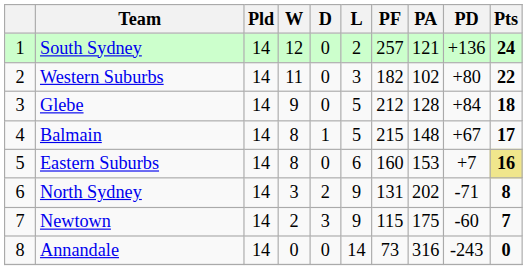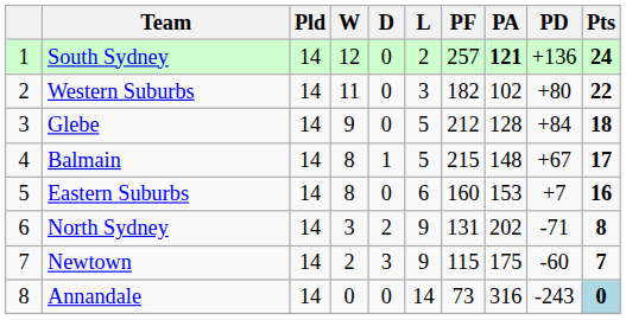 <table class="wikitable" style="text-align:center;">
 <tr>
 <th width=20 abbr="Position×"></th>
 <th width=175>Team</th>
 <th width=20 abbr="Played">Pld</th>
 <th width=20 abbr="Won">W</th>
 <th width=20 abbr="Drawn">D</th>
 <th width=20 abbr="Lost">L</th>
 <th width=20 abbr="Points for">PF</th>
 <th width=20 abbr="Points against">PA</th>
 <th width=20 abbr="Points difference">PD</th>
 <th width=20 abbr="Points">Pts</th>
 </tr>
 <tr style="background: #ccffcc;">
 <td>1</td>
 <td style="text-align:left;"> <a href='#'>South Sydney</a></td>
 <td>14</td>
 <td>12</td>
 <td>0</td>
 <td>2</td>
 <td>257</td>
-<td>121</td>
+<td><strong>121</strong></td>
 <td>+136</td>
 <td><strong>24</strong></td>
 </tr>
 <tr>
 <td>2</td>
 <td style="text-align:left;"> <a href='#'>Western Suburbs</a></td>
 <td>14</td>
 <td>11</td>
 <td>0</td>
 <td>3</td>
 <td>182</td>
 <td>102</td>
 <td>+80</td>
 <td><strong>22</strong></td>
 </tr>
 <tr>
 <td>3</td>
 <td style="text-align:left;"> <a href='#'>Glebe</a></td>
 <td>14</td>
 <td>9</td>
 <td>0</td>
 <td>5</td>
 <td>212</td>
 <td>128</td>
 <td>+84</td>
 <td><strong>18</strong></td>
 </tr>
 <tr>
 <td>4</td>
 <td style="text-align:left;"> <a href='#'>Balmain</a></td>
 <td>14</td>
 <td>8</td>
 <td>1</td>
 <td>5</td>
 <td>215</td>
 <td>148</td>
 <td>+67</td>
 <td><strong>17</strong></td>
 </tr>
 <tr>
 <td>5</td>
 <td style="text-align:left;"> <a href='#'>Eastern Suburbs</a></td>
 <td>14</td>
 <td>8</td>
 <td>0</td>
 <td>6</td>
 <td>160</td>
 <td>153</td>
 <td>+7</td>
-<td style="background: khaki;"><strong>16</strong></td>
+<td><strong>16</strong></td>
 </tr>
 <tr>
 <td>6</td>
 <td style="text-align:left;"> <a href='#'>North Sydney</a></td>
 <td>14</td>
 <td>3</td>
 <td>2</td>
 <td>9</td>
 <td>131</td>
 <td>202</td>
 <td>-71</td>
 <td><strong>8</strong></td>
 </tr>
 <tr>
 <td>7</td>
 <td style="text-align:left;"> <a href='#'>Newtown</a></td>
 <td>14</td>
 <td>2</td>
 <td>3</td>
 <td>9</td>
 <td>115</td>
 <td>175</td>
 <td>-60</td>
 <td><strong>7</strong></td>
 </tr>
 <tr>
 <td>8</td>
 <td style="text-align:left;"> <a href='#'>Annandale</a></td>
 <td>14</td>
 <td>0</td>
 <td>0</td>
 <td>14</td>
 <td>73</td>
 <td>316</td>
 <td>-243</td>
-<td><strong>0</strong></td>
+<td style="background: lightblue;"><strong>0</strong></td>
 </tr>
 <tr>
 </tr>
 </table>
